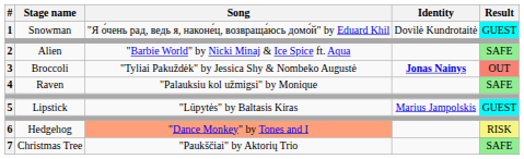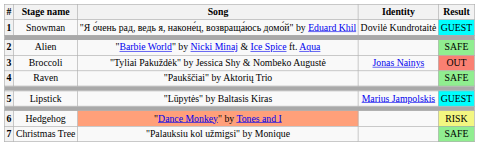 <table class="wikitable plainrowheaders" style="text-align: center;">
 <tr>
 <th>#</th>
 <th>Stage name</th>
 <th>Song</th>
 <th>Identity</th>
 <th>Result</th>
 </tr>
 <tr>
 <th>1</th>
 <td>Snowman</td>
 <td>"Я о́чень рад, ведь я, наконе́ц, возвраща́юсь домо́й" by <a href='#'>Eduard Khil</a></td>
 <td>Dovilė Kundrotaitė</td>
 <td bgcolor=#00ffff>GUEST</td>
 </tr>
 <tr>
 <td colspan="5" style="background:darkgray"></td>
 </tr>
 <tr>
 <th>2</th>
 <td>Alien</td>
 <td>"<a href='#'>Barbie World</a>" by <a href='#'>Nicki Minaj</a> & <a href='#'>Ice Spice</a> ft. <a href='#'>Aqua</a></td>
 <td></td>
 <td bgcolor="lightgreen">SAFE</td>
 </tr>
 <tr>
 <th>3</th>
 <td>Broccoli</td>
 <td>"Tyliai Pakuždėk" by Jessica Shy & Nombeko Augustė</td>
-<td><strong><a href='#'>Jonas Nainys</a></strong></td>
+<td><a href='#'>Jonas Nainys</a></td>
 <td bgcolor="salmon">OUT</td>
 </tr>
 <tr>
 <th>4</th>
 <td>Raven</td>
-<td>"Palauksiu kol užmigsi" by Monique</td>
+<td>"Paukščiai" by Aktorių Trio</td>
 <td></td>
 <td bgcolor="lightgreen">SAFE</td>
 </tr>
 <tr>
 <td colspan="5" style="background:darkgray"></td>
 </tr>
 <tr>
 <th>5</th>
 <td>Lipstick</td>
 <td>"Lūpytės" by Baltasis Kiras</td>
 <td><a href='#'>Marius Jampolskis</a></td>
 <td bgcolor=#00ffff>GUEST</td>
 </tr>
 <tr>
 <td colspan="5" style="background:darkgray"></td>
 </tr>
 <tr>
 <th>6</th>
 <td>Hedgehog</td>
 <td style="background: lightsalmon;">"<a href='#'>Dance Monkey</a>" by <a href='#'>Tones and I</a></td>
 <td></td>
 <td bgcolor="F3F781">RISK</td>
 </tr>
 <tr>
 <th>7</th>
 <td>Christmas Tree</td>
-<td>"Paukščiai" by Aktorių Trio</td>
+<td>"Palauksiu kol užmigsi" by Monique</td>
 <td></td>
 <td bgcolor="lightgreen">SAFE</td>
 </tr>
 </table>
